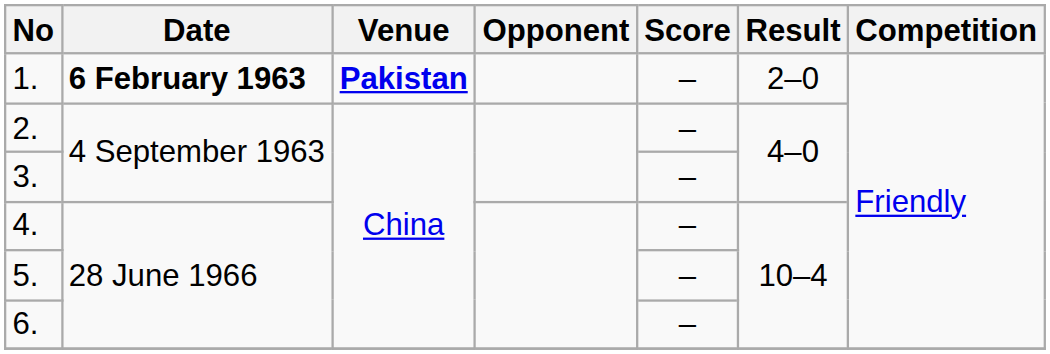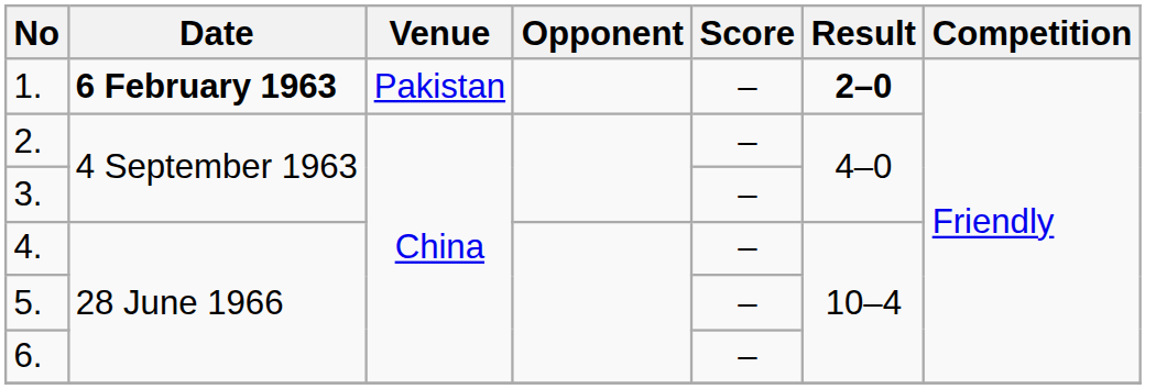 <table class="wikitable" style="font-size:85%;">
 <tr>
 <th>No</th>
 <th>Date</th>
 <th>Venue</th>
 <th>Opponent</th>
 <th>Score</th>
 <th>Result</th>
 <th>Competition</th>
 </tr>
 <tr>
 <td>1.</td>
 <td><strong>6 February 1963</strong></td>
-<td align=center><strong><a href='#'>Pakistan</a></strong></td>
+<td align=center><a href='#'>Pakistan</a></td>
 <td></td>
 <td align=center>–</td>
-<td align=center>2–0</td>
+<td align=center><strong>2–0</strong></td>
 <td rowspan="6"><a href='#'>Friendly</a></td>
 </tr>
 <tr>
 <td>2.</td>
 <td rowspan="2">4 September 1963</td>
 <td align=center  rowspan="5"><a href='#'>China</a></td>
 <td rowspan="2"></td>
 <td align=center>–</td>
 <td align=center rowspan="2">4–0</td>
 </tr>
 <tr>
 <td>3.</td>
 <td align=center>–</td>
 </tr>
 <tr>
 <td>4.</td>
 <td rowspan="3">28 June 1966</td>
 <td rowspan="3"></td>
 <td align=center>–</td>
 <td align=center rowspan="3">10–4</td>
 </tr>
 <tr>
 <td>5.</td>
 <td align=center>–</td>
 </tr>
 <tr>
 <td>6.</td>
 <td align=center>–</td>
 </tr>
 <tr>
 </tr>
 </table>
